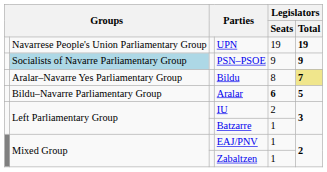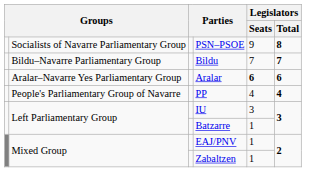 <table class="wikitable" style="text-align:left;">
 <tr>
 <th rowspan="2" colspan="2">Groups</th>
 <th rowspan="2" colspan="2">Parties</th>
 <th colspan="2">Legislators</th>
 </tr>
 <tr>
 <th>Seats</th>
 <th>Total</th>
 </tr>
 <tr>
-<td width="1" style="color:inherit;background:"></td>
-<td>Navarrese People's Union Parliamentary Group</td>
-<td width="1" style="color:inherit;background:"></td>
-<td><a href='#'>UPN</a></td>
-<td>19</td>
-<td><strong>19</strong></td>
+<td style="color:inherit;background:"></td>
+<td>Socialists of Navarre Parliamentary Group</td>
+<td style="color:inherit;background:"></td>
+<td><a href='#'>PSN–PSOE</a></td>
+<td>9</td>
+<td><strong>8</strong></td>
 </tr>
 <tr>
 <td style="color:inherit;background:"></td>
-<td style="background: lightblue;">Socialists of Navarre Parliamentary Group</td>
+<td>Bildu–Navarre Parliamentary Group</td>
 <td style="color:inherit;background:"></td>
-<td><a href='#'>PSN–PSOE</a></td>
-<td>9</td>
-<td><strong>9</strong></td>
+<td><a href='#'>Bildu</a></td>
+<td>7</td>
+<td><strong>7</strong></td>
 </tr>
 <tr>
 <td style="color:inherit;background:"></td>
 <td>Aralar–Navarre Yes Parliamentary Group</td>
 <td style="color:inherit;background:"></td>
-<td><a href='#'>Bildu</a></td>
-<td>8</td>
-<td style="background: khaki;"><strong>7</strong></td>
+<td><a href='#'>Aralar</a></td>
+<td><strong>6</strong></td>
+<td><strong>6</strong></td>
 </tr>
 <tr>
 <td style="color:inherit;background:"></td>
-<td>Bildu–Navarre Parliamentary Group</td>
+<td>People's Parliamentary Group of Navarre</td>
 <td style="color:inherit;background:"></td>
-<td><a href='#'>Aralar</a></td>
-<td><strong>6</strong></td>
-<td><strong>5</strong></td>
+<td><a href='#'>PP</a></td>
+<td>4</td>
+<td><strong>4</strong></td>
 </tr>
 <tr>
 <td rowspan="2" style="color:inherit;background:"></td>
 <td rowspan="2">Left Parliamentary Group</td>
 <td style="color:inherit;background:"></td>
 <td><a href='#'>IU</a></td>
-<td>2</td>
+<td>3</td>
 <td rowspan="2"><strong>3</strong></td>
 </tr>
 <tr>
 <td style="color:inherit;background:"></td>
 <td><a href='#'>Batzarre</a></td>
 <td>1</td>
 </tr>
 <tr>
 <td rowspan="2" bgcolor="gray"></td>
 <td rowspan="2">Mixed Group</td>
 <td style="color:inherit;background:"></td>
 <td><a href='#'>EAJ/PNV</a></td>
 <td>1</td>
 <td rowspan="2"><strong>2</strong></td>
 </tr>
 <tr>
 <td style="color:inherit;background:"></td>
 <td><a href='#'>Zabaltzen</a></td>
 <td>1</td>
 </tr>
 </table>
